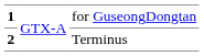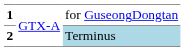 <table border=1 cellspacing=0 cellpadding=3 frame=hsides rules=rows>
 <tr>
 <th>1</th>
 <td rowspan="2"> <a href='#'>GTX-A</a></td>
 <td>for <a href='#'>Guseong</a><a href='#'>Dongtan</a></td>
 </tr>
 <tr>
 <th>2</th>
-<td>Terminus</td>
+<td style="background: lightblue;">Terminus</td>
 </tr>
 </table>
